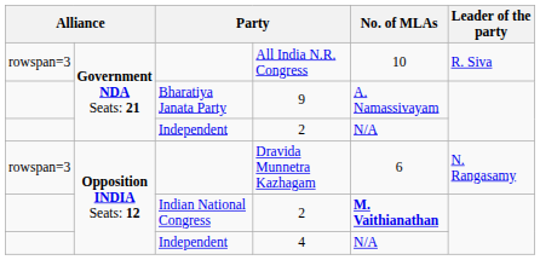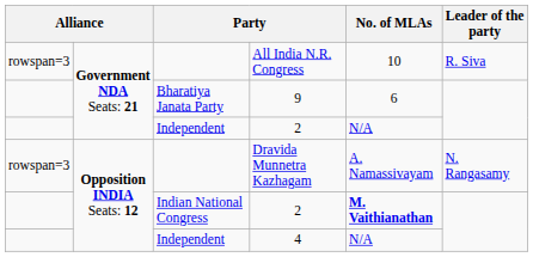 <table class="wikitable">
 <tr>
 <th colspan=2>Alliance</th>
 <th colspan=2>Party</th>
 <th>No. of MLAs</th>
 <th>Leader of the party</th>
 </tr>
 <tr>
 <td>rowspan=3 </td>
 <td rowspan=3 style="text-align:center;"><strong>Government<br><a href='#'>NDA</a></strong><br>Seats: <strong>21</strong></td>
 <td></td>
 <td><a href='#'>All India N.R. Congress</a></td>
 <td style="text-align:center;">10</td>
 <td><a href='#'>R. Siva</a></td>
 </tr>
 <tr>
 <td></td>
 <td><a href='#'>Bharatiya Janata Party</a></td>
 <td style="text-align:center;">9</td>
-<td><a href='#'>A. Namassivayam</a></td>
+<td style="text-align:center;">6</td>
 </tr>
 <tr>
 <td></td>
 <td><a href='#'>Independent</a></td>
 <td style="text-align:center;">2</td>
 <td><a href='#'>N/A</a></td>
 </tr>
 <tr>
 <td>rowspan=3 </td>
 <td rowspan=3 style="text-align:center;"><strong>Opposition<br><a href='#'>INDIA</a></strong><br>Seats: <strong>12</strong></td>
 <td></td>
 <td><a href='#'>Dravida Munnetra Kazhagam</a></td>
-<td style="text-align:center;">6</td>
+<td><a href='#'>A. Namassivayam</a></td>
 <td><a href='#'>N. Rangasamy</a></td>
 </tr>
 <tr>
 <td></td>
 <td><a href='#'>Indian National Congress</a></td>
 <td style="text-align:center;">2</td>
 <td><strong><a href='#'>M. Vaithianathan</a></strong></td>
 </tr>
 <tr>
 <td></td>
 <td><a href='#'>Independent</a></td>
 <td style="text-align:center;">4</td>
 <td><a href='#'>N/A</a></td>
 </tr>
 </table>
